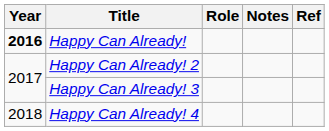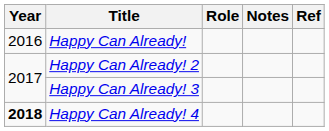 <table class="wikitable sortable">
 <tr>
 <th>Year</th>
 <th>Title</th>
 <th>Role</th>
 <th class="unsortable">Notes</th>
 <th class="unsortable">Ref</th>
 </tr>
 <tr>
-<td><strong>2016</strong></td>
+<td>2016</td>
 <td><em><a href='#'>Happy Can Already!</a></em></td>
 <td></td>
 <td></td>
 <td></td>
 </tr>
 <tr>
 <td rowspan=2>2017</td>
 <td><em><a href='#'>Happy Can Already! 2</a></em></td>
 <td></td>
 <td></td>
 <td></td>
 </tr>
 <tr>
 <td><em><a href='#'>Happy Can Already! 3</a></em></td>
 <td></td>
 <td></td>
 <td></td>
 </tr>
 <tr>
-<td>2018</td>
+<td><strong>2018</strong></td>
 <td><em><a href='#'>Happy Can Already! 4</a></em></td>
 <td></td>
 <td></td>
 <td></td>
 </tr>
 </table>
